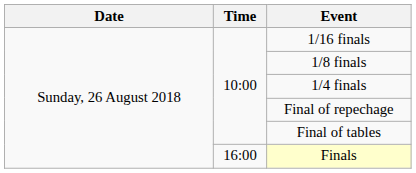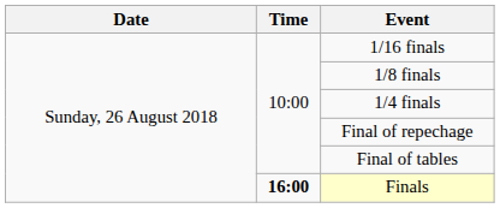 <table class = "wikitable" style="text-align:center;">
 <tr>
 <th width=220>Date</th>
 <th width=50>Time</th>
 <th width=150>Event</th>
 </tr>
 <tr>
 <td rowspan=6>Sunday, 26 August 2018</td>
 <td rowspan=5>10:00</td>
 <td>1/16 finals</td>
 </tr>
 <tr>
 <td>1/8 finals</td>
 </tr>
 <tr>
 <td>1/4 finals</td>
 </tr>
 <tr>
 <td>Final of repechage</td>
 </tr>
 <tr>
 <td>Final of tables</td>
 </tr>
 <tr>
-<td>16:00</td>
+<td><strong>16:00</strong></td>
 <td bgcolor=ffffcc>Finals</td>
 </tr>
 </table>
